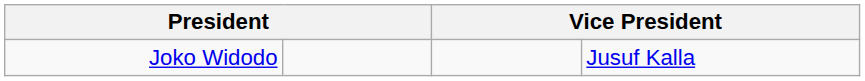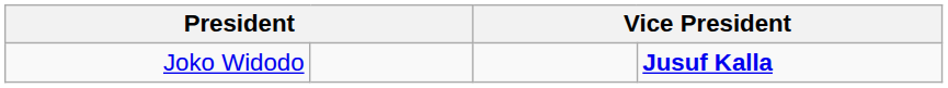 <table class="wikitable">
 <tr>
 <th colspan="2" width=300>President</th>
 <th colspan="2" width=300>Vice President</th>
 </tr>
 <tr>
 <td align="right"><a href='#'>Joko Widodo</a></td>
 <td align="right" width=100></td>
 <td align="left" width=100></td>
-<td align="left"><a href='#'>Jusuf Kalla</a></td>
+<td align="left"><strong><a href='#'>Jusuf Kalla</a></strong></td>
 </tr>
 </table>
